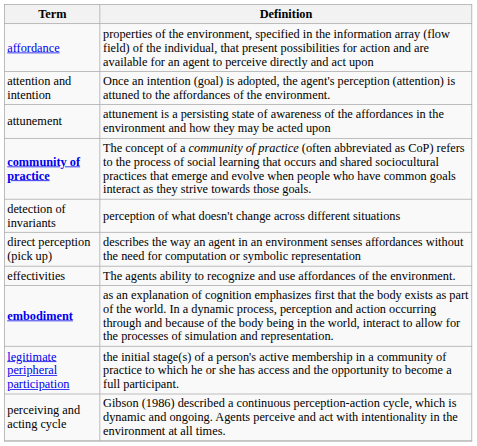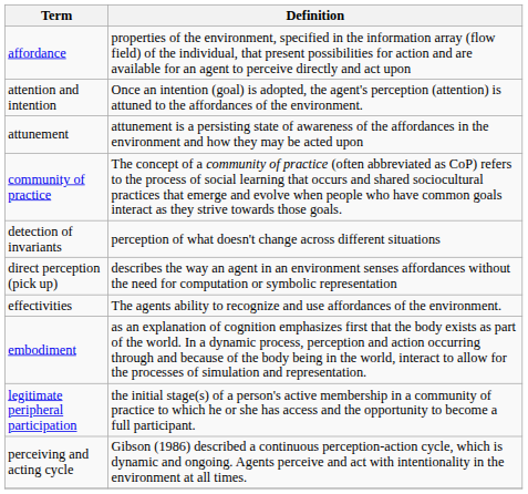 <table class="wikitable" border="1">
 <tr>
 <th>Term</th>
 <th>Definition</th>
 </tr>
 <tr>
 <td><a href='#'>affordance</a></td>
 <td>properties of the environment, specified in the information array (flow field) of the individual, that present possibilities for action and are available for an agent to perceive directly and act upon</td>
 </tr>
 <tr>
 <td>attention and intention</td>
 <td>Once an intention (goal) is adopted, the agent's perception (attention) is attuned to the affordances of the environment.</td>
 </tr>
 <tr>
 <td>attunement</td>
 <td>attunement is a persisting state of awareness of the affordances in the environment and how they may be acted upon</td>
 </tr>
 <tr>
-<td><strong><a href='#'>community of practice</a></strong></td>
+<td><a href='#'>community of practice</a></td>
 <td>The concept of a <em>community of practice</em> (often abbreviated as CoP) refers to the process of social learning that occurs and shared sociocultural practices that emerge and evolve when people who have common goals interact as they strive towards those goals.</td>
 </tr>
 <tr>
 <td>detection of invariants</td>
 <td>perception of what doesn't change across different situations</td>
 </tr>
 <tr>
 <td>direct perception (pick up)</td>
 <td>describes the way an agent in an environment senses affordances without the need for computation or symbolic representation</td>
 </tr>
 <tr>
 <td>effectivities</td>
 <td>The agents ability to recognize and use affordances of the environment.</td>
 </tr>
 <tr>
-<td><strong><a href='#'>embodiment</a></strong></td>
+<td><a href='#'>embodiment</a></td>
 <td>as an explanation of cognition emphasizes first that the body exists as part of the world. In a dynamic process, perception and action occurring through and because of the body being in the world, interact to allow for the processes of simulation and representation.</td>
 </tr>
 <tr>
 <td><a href='#'>legitimate peripheral participation</a></td>
 <td>the initial stage(s) of a person's active membership in a community of practice to which he or she has access and the opportunity to become a full participant.</td>
 </tr>
 <tr>
 <td>perceiving and acting cycle</td>
 <td>Gibson (1986) described a continuous perception-action cycle, which is dynamic and ongoing. Agents perceive and act with intentionality in the environment at all times.</td>
 </tr>
 <tr>
 </tr>
 </table>
